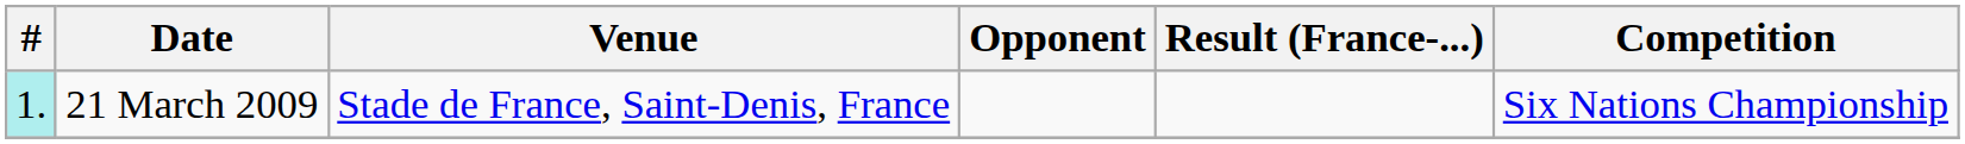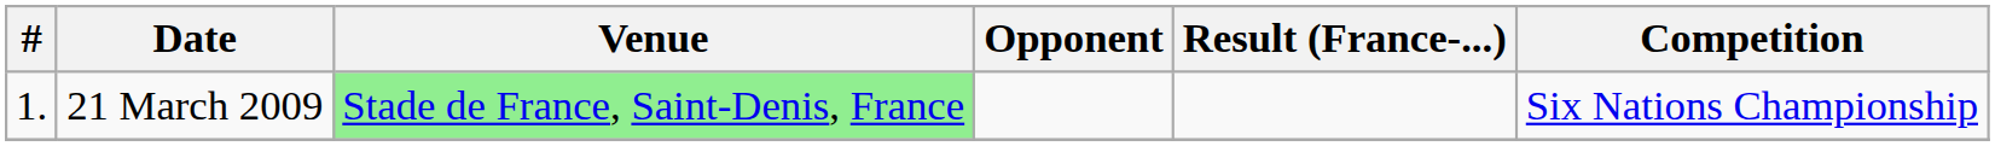 <table class="wikitable sortable">
 <tr>
 <th>#</th>
 <th>Date</th>
 <th>Venue</th>
 <th>Opponent</th>
 <th>Result (France-...)</th>
 <th>Competition</th>
 </tr>
 <tr>
-<td style="background: paleturquoise;">1.</td>
+<td>1.</td>
 <td>21 March 2009</td>
-<td><a href='#'>Stade de France</a>, <a href='#'>Saint-Denis</a>, <a href='#'>France</a></td>
+<td style="background: lightgreen;"><a href='#'>Stade de France</a>, <a href='#'>Saint-Denis</a>, <a href='#'>France</a></td>
 <td></td>
 <td></td>
 <td><a href='#'>Six Nations Championship</a></td>
 </tr>
 <tr>
 </tr>
 </table>
